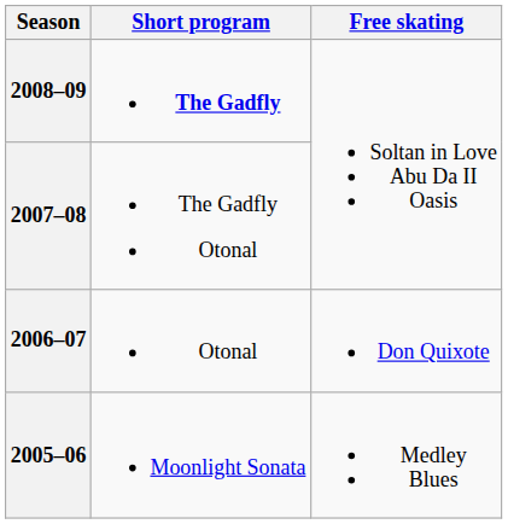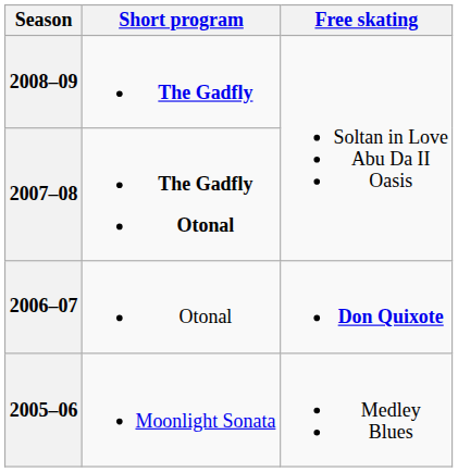 <table class=wikitable style=text-align:center>
 <tr>
 <th>Season</th>
 <th><a href='#'>Short program</a></th>
 <th><a href='#'>Free skating</a></th>
 </tr>
 <tr>
 <th>2008–09 <br> </th>
 <td><strong><br><ul><li><a href='#'>The Gadfly</a> <br></li></ul></strong></td>
 <td rowspan=2><br><ul><li>Soltan in Love</li><li>Abu Da II</li><li>Oasis</li></ul></td>
 </tr>
 <tr>
 <th>2007–08 <br> </th>
-<td><br><ul><li>The Gadfly <br></li></ul><ul><li>Otonal <br></li></ul></td>
+<td><strong><br><ul><li>The Gadfly <br></li></ul><ul><li>Otonal <br></li></ul></strong></td>
 </tr>
 <tr>
 <th>2006–07 <br> </th>
 <td><br><ul><li>Otonal <br></li></ul></td>
-<td><br><ul><li><a href='#'>Don Quixote</a> <br></li></ul></td>
+<td><strong><br><ul><li><a href='#'>Don Quixote</a> <br></li></ul></strong></td>
 </tr>
 <tr>
 <th>2005–06 <br> </th>
 <td><br><ul><li><a href='#'>Moonlight Sonata</a> <br></li></ul></td>
 <td><br><ul><li>Medley <br></li><li>Blues</li></ul></td>
 </tr>
 </table>
